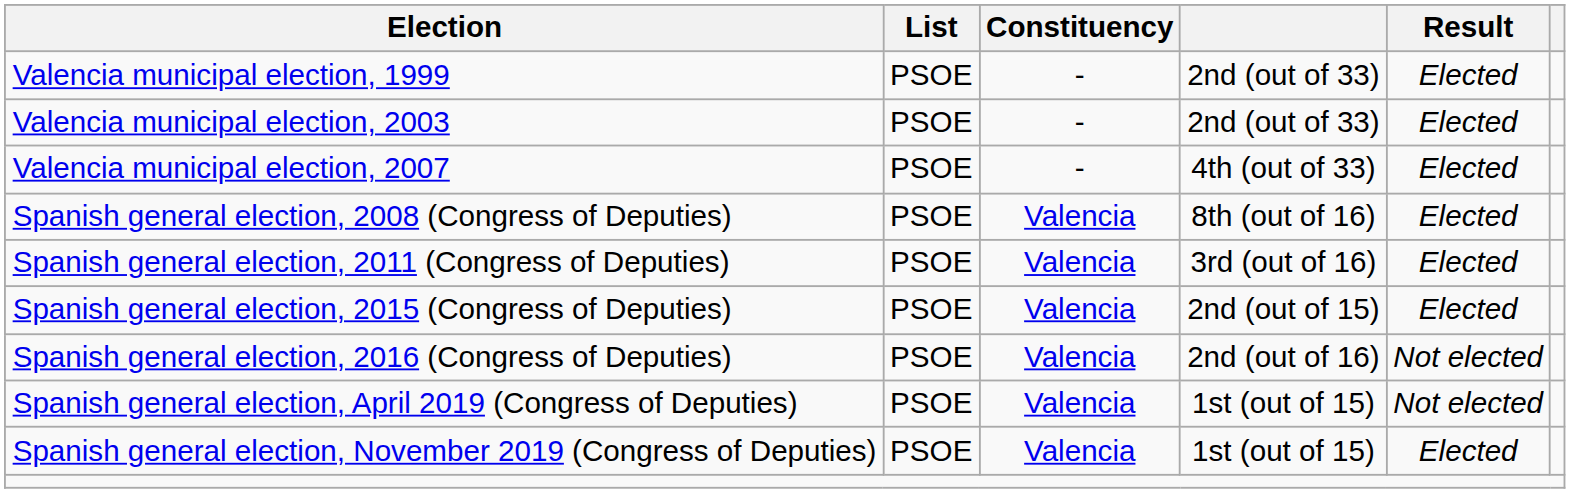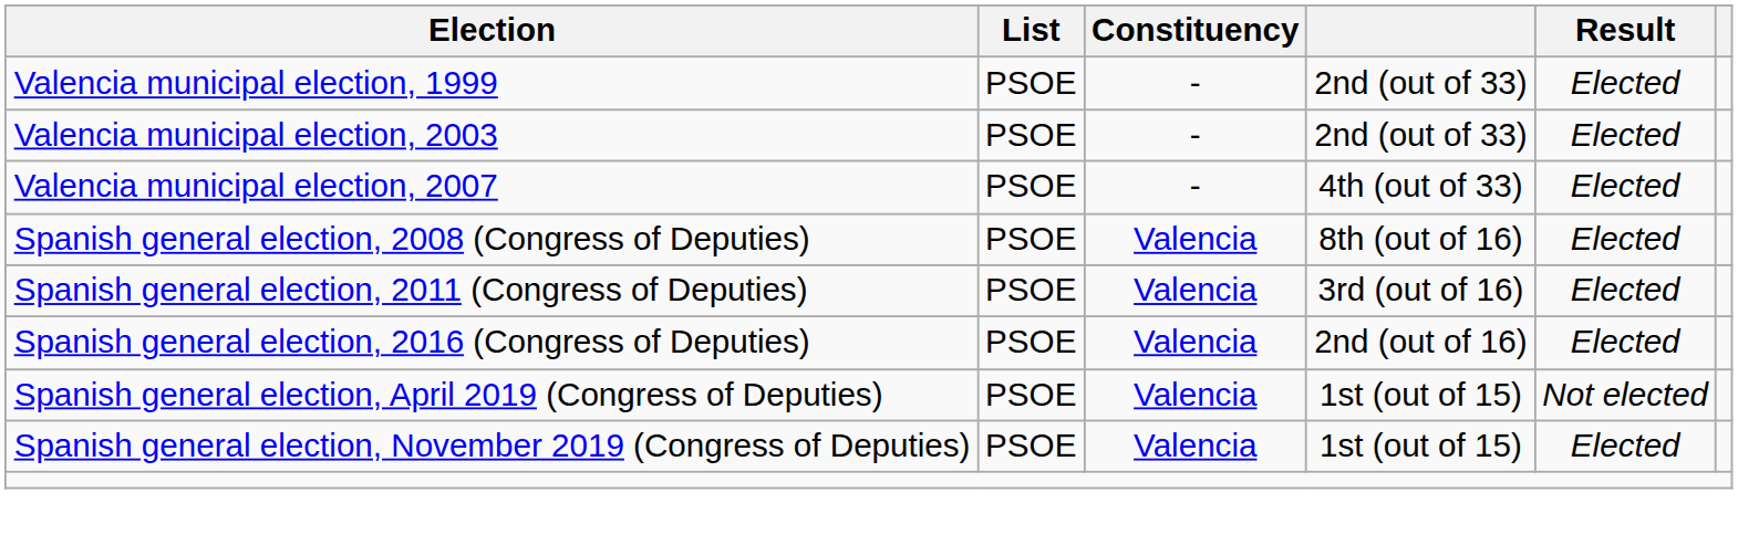 <table class="wikitable" style="margin:1em auto; text-align:left;">
 <tr>
 <th scope="col">Election</th>
 <th scope="col">List</th>
 <th scope="col">Constituency</th>
 <th scope="col"></th>
 <th scope="col">Result</th>
 <th scope="col"></th>
 </tr>
 <tr>
 <td><a href='#'>Valencia municipal election, 1999</a></td>
 <td align="center">PSOE</td>
 <td align="center">-</td>
 <td align="center">2nd (out of 33)</td>
 <td align="center"><em>Elected</em></td>
 <td align="center"></td>
 </tr>
 <tr>
 <td><a href='#'>Valencia municipal election, 2003</a></td>
 <td align="center">PSOE</td>
 <td align="center">-</td>
 <td align="center">2nd (out of 33)</td>
 <td align="center"><em>Elected</em></td>
 <td align="center"></td>
 </tr>
 <tr>
 <td><a href='#'>Valencia municipal election, 2007</a></td>
 <td align="center">PSOE</td>
 <td align="center">-</td>
 <td align="center">4th (out of 33)</td>
 <td align="center"><em>Elected</em></td>
 <td align="center"></td>
 </tr>
 <tr>
 <td><a href='#'>Spanish general election, 2008</a> (Congress of Deputies)</td>
 <td align="center">PSOE</td>
 <td align="center"><a href='#'>Valencia</a></td>
 <td align="center">8th (out of 16)</td>
 <td align="center"><em>Elected</em></td>
 <td></td>
 </tr>
 <tr>
 <td><a href='#'>Spanish general election, 2011</a> (Congress of Deputies)</td>
 <td align="center">PSOE</td>
 <td align="center"><a href='#'>Valencia</a></td>
 <td align="center">3rd (out of 16)</td>
 <td align="center"><em>Elected</em></td>
 <td align="center"></td>
 </tr>
 <tr>
-<td><a href='#'>Spanish general election, 2015</a> (Congress of Deputies)</td>
-<td align="center">PSOE</td>
-<td align="center"><a href='#'>Valencia</a></td>
-<td align="center">2nd (out of 15)</td>
-<td align="center"><em>Elected</em></td>
-<td align="center"></td>
-</tr>
-<tr>
 <td><a href='#'>Spanish general election, 2016</a> (Congress of Deputies)</td>
 <td align="center">PSOE</td>
 <td align="center"><a href='#'>Valencia</a></td>
 <td align="center">2nd (out of 16)</td>
-<td align="center"><em>Not elected</em></td>
+<td align="center"><em>Elected</em></td>
 <td align="center"></td>
 </tr>
 <tr>
 <td><a href='#'>Spanish general election, April 2019</a> (Congress of Deputies)</td>
 <td align="center">PSOE</td>
 <td align="center"><a href='#'>Valencia</a></td>
 <td align="center">1st (out of 15)</td>
 <td align="center"><em>Not elected</em></td>
 <td align="center"></td>
 </tr>
 <tr>
 <td><a href='#'>Spanish general election, November 2019</a> (Congress of Deputies)</td>
 <td align="center">PSOE</td>
 <td align="center"><a href='#'>Valencia</a></td>
 <td align="center">1st (out of 15)</td>
 <td align="center"><em>Elected</em></td>
 <td align="center"></td>
 </tr>
 <tr>
 <td colspan="6"></td>
 </tr>
 </table>
